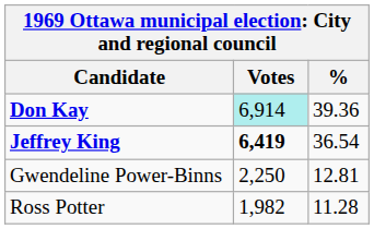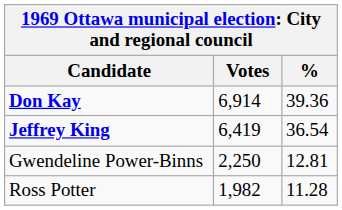 <table class="wikitable">
 <tr>
 <th colspan="3"><a href='#'>1969 Ottawa municipal election</a>: City and regional council</th>
 </tr>
 <tr>
 <th style="width: 170px">Candidate</th>
 <th style="width: 50px">Votes</th>
 <th style="width: 40px">%</th>
 </tr>
 <tr>
 <td><strong><a href='#'>Don Kay</a></strong></td>
-<td style="background: paleturquoise;">6,914</td>
+<td>6,914</td>
 <td>39.36</td>
 </tr>
 <tr>
 <td><strong><a href='#'>Jeffrey King</a></strong></td>
-<td><strong>6,419</strong></td>
+<td>6,419</td>
 <td>36.54</td>
 </tr>
 <tr>
 <td>Gwendeline Power-Binns</td>
 <td>2,250</td>
 <td>12.81</td>
 </tr>
 <tr>
 <td>Ross Potter</td>
 <td>1,982</td>
 <td>11.28</td>
 </tr>
 </table>
